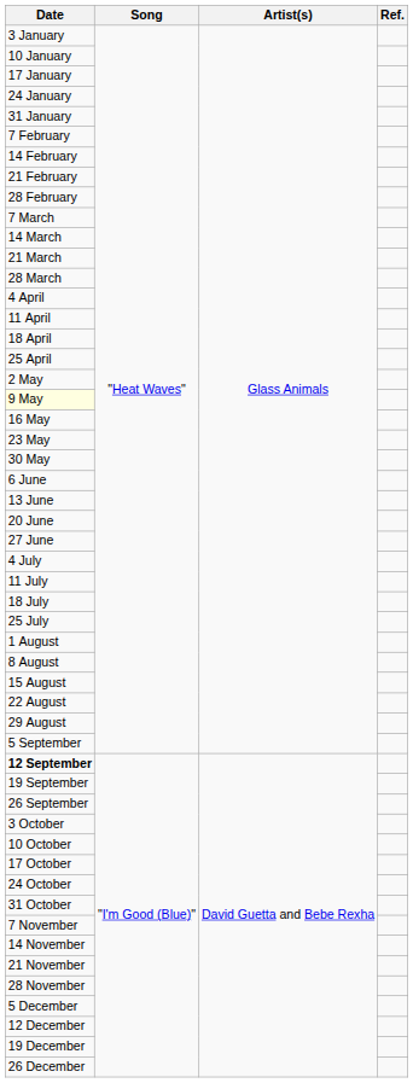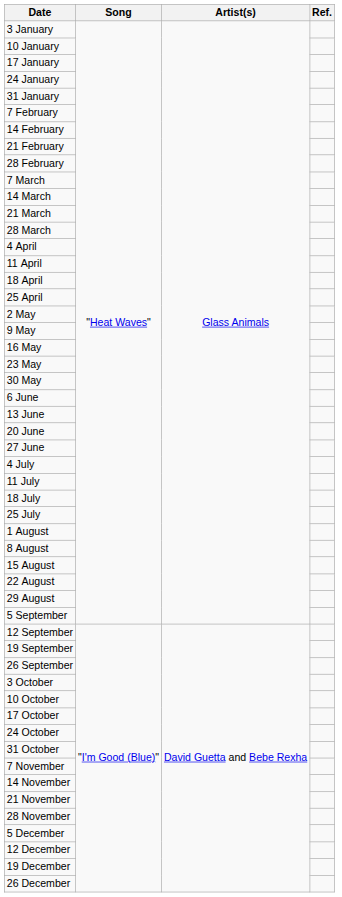 <table class="wikitable">
 <tr>
 <th style="text-align: center;">Date</th>
 <th style="text-align: center;">Song</th>
 <th style="text-align: center;">Artist(s)</th>
 <th style="text-align: center;">Ref.</th>
 </tr>
 <tr>
 <td>3 January</td>
 <td style="text-align: center;" rowspan=36>"<a href='#'>Heat Waves</a>"</td>
 <td style="text-align: center;" rowspan=36><a href='#'>Glass Animals</a></td>
 <td style="text-align: center;"></td>
 </tr>
 <tr>
 <td>10 January</td>
 <td style="text-align: center;"></td>
 </tr>
 <tr>
 <td>17 January</td>
 <td style="text-align: center;"></td>
 </tr>
 <tr>
 <td>24 January</td>
 <td style="text-align: center;"></td>
 </tr>
 <tr>
 <td>31 January</td>
 <td style="text-align: center;"></td>
 </tr>
 <tr>
 <td>7 February</td>
 <td style="text-align: center;"></td>
 </tr>
 <tr>
 <td>14 February</td>
 <td style="text-align: center;"></td>
 </tr>
 <tr>
 <td>21 February</td>
 <td style="text-align: center;"></td>
 </tr>
 <tr>
 <td>28 February</td>
 <td style="text-align: center;"></td>
 </tr>
 <tr>
 <td>7 March</td>
 <td style="text-align: center;"></td>
 </tr>
 <tr>
 <td>14 March</td>
 <td style="text-align: center;"></td>
 </tr>
 <tr>
 <td>21 March</td>
 <td style="text-align: center;"></td>
 </tr>
 <tr>
 <td>28 March</td>
 <td style="text-align: center;"></td>
 </tr>
 <tr>
 <td>4 April</td>
 <td style="text-align: center;"></td>
 </tr>
 <tr>
 <td>11 April</td>
 <td style="text-align: center;"></td>
 </tr>
 <tr>
 <td>18 April</td>
 <td style="text-align: center;"></td>
 </tr>
 <tr>
 <td>25 April</td>
 <td style="text-align: center;"></td>
 </tr>
 <tr>
 <td>2 May</td>
 <td style="text-align: center;"></td>
 </tr>
 <tr>
-<td style="background: lightyellow;">9 May</td>
+<td>9 May</td>
 <td style="text-align: center;"></td>
 </tr>
 <tr>
 <td>16 May</td>
 <td style="text-align: center;"></td>
 </tr>
 <tr>
 <td>23 May</td>
 <td style="text-align: center;"></td>
 </tr>
 <tr>
 <td>30 May</td>
 <td style="text-align: center;"></td>
 </tr>
 <tr>
 <td>6 June</td>
 <td style="text-align: center;"></td>
 </tr>
 <tr>
 <td>13 June</td>
 <td style="text-align: center;"></td>
 </tr>
 <tr>
 <td>20 June</td>
 <td style="text-align: center;"></td>
 </tr>
 <tr>
 <td>27 June</td>
 <td style="text-align: center;"></td>
 </tr>
 <tr>
 <td>4 July</td>
 <td style="text-align: center;"></td>
 </tr>
 <tr>
 <td>11 July</td>
 <td style="text-align: center;"></td>
 </tr>
 <tr>
 <td>18 July</td>
 <td style="text-align: center;"></td>
 </tr>
 <tr>
 <td>25 July</td>
 <td style="text-align: center;"></td>
 </tr>
 <tr>
 <td>1 August</td>
 <td style="text-align: center;"></td>
 </tr>
 <tr>
 <td>8 August</td>
 <td style="text-align: center;"></td>
 </tr>
 <tr>
 <td>15 August</td>
 <td style="text-align: center;"></td>
 </tr>
 <tr>
 <td>22 August</td>
 <td style="text-align: center;"></td>
 </tr>
 <tr>
 <td>29 August</td>
 <td style="text-align: center;"></td>
 </tr>
 <tr>
 <td>5 September</td>
 <td style="text-align: center;"></td>
 </tr>
 <tr>
-<td><strong>12 September</strong></td>
+<td>12 September</td>
 <td style="text-align: center;" rowspan=16>"<a href='#'>I'm Good (Blue)</a>"</td>
 <td style="text-align: center;" rowspan=16><a href='#'>David Guetta</a> and <a href='#'>Bebe Rexha</a></td>
 <td style="text-align: center;"></td>
 </tr>
 <tr>
 <td>19 September</td>
 <td style="text-align: center;"></td>
 </tr>
 <tr>
 <td>26 September</td>
 <td style="text-align: center;"></td>
 </tr>
 <tr>
 <td>3 October</td>
 <td style="text-align: center;"></td>
 </tr>
 <tr>
 <td>10 October</td>
 <td style="text-align: center;"></td>
 </tr>
 <tr>
 <td>17 October</td>
 <td style="text-align: center;"></td>
 </tr>
 <tr>
 <td>24 October</td>
 <td style="text-align: center;"></td>
 </tr>
 <tr>
 <td>31 October</td>
 <td style="text-align: center;"></td>
 </tr>
 <tr>
 <td>7 November</td>
 <td style="text-align: center;"></td>
 </tr>
 <tr>
 <td>14 November</td>
 <td style="text-align: center;"></td>
 </tr>
 <tr>
 <td>21 November</td>
 <td style="text-align: center;"></td>
 </tr>
 <tr>
 <td>28 November</td>
 <td style="text-align: center;"></td>
 </tr>
 <tr>
 <td>5 December</td>
 <td style="text-align: center;"></td>
 </tr>
 <tr>
 <td>12 December</td>
 <td style="text-align: center;"></td>
 </tr>
 <tr>
 <td>19 December</td>
 <td style="text-align: center;"></td>
 </tr>
 <tr>
 <td>26 December</td>
 <td style="text-align: center;"></td>
 </tr>
 </table>
